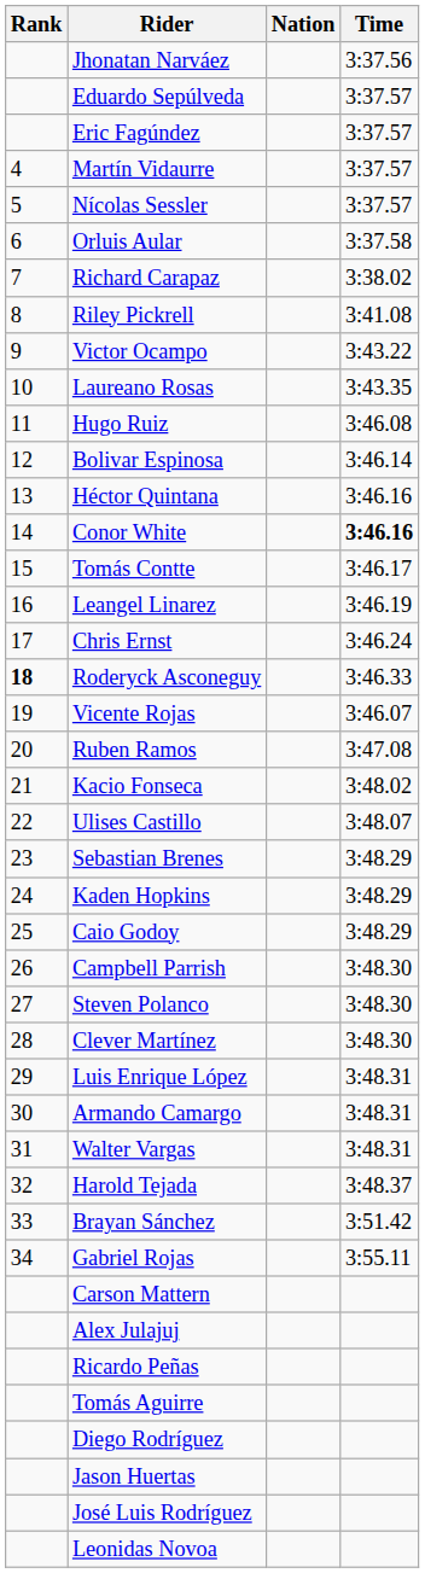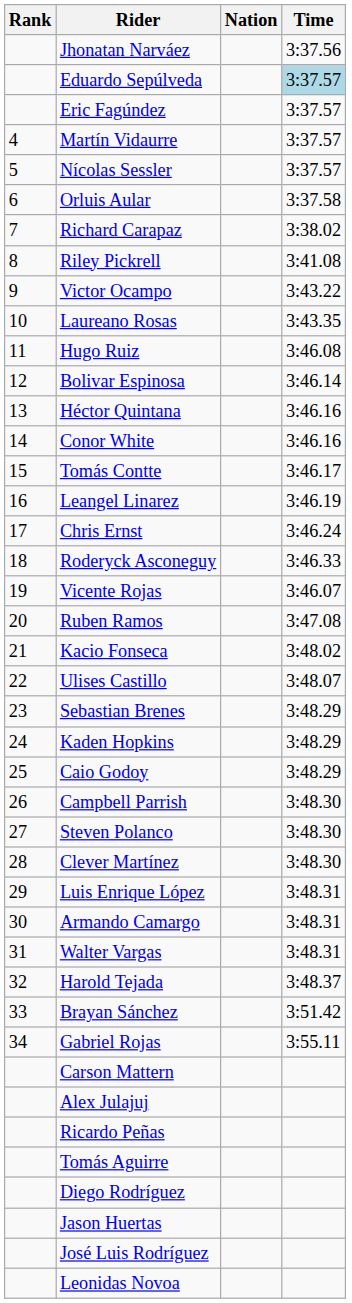 <table class="wikitable sortable" style="font-size:95%" style="width:35em;" style="text-align:center">
 <tr>
 <th>Rank</th>
 <th>Rider</th>
 <th>Nation</th>
 <th>Time</th>
 </tr>
 <tr>
 <td></td>
 <td align=left><a href='#'>Jhonatan Narváez</a></td>
 <td align="left"></td>
 <td>3:37.56</td>
 </tr>
 <tr>
 <td></td>
 <td align=left><a href='#'>Eduardo Sepúlveda</a></td>
 <td align="left"></td>
-<td>3:37.57</td>
+<td style="background: lightblue;">3:37.57</td>
 </tr>
 <tr>
 <td></td>
 <td align=left><a href='#'>Eric Fagúndez</a></td>
 <td align=left></td>
 <td>3:37.57</td>
 </tr>
 <tr>
 <td>4</td>
 <td align=left><a href='#'>Martín Vidaurre</a></td>
 <td align=left></td>
 <td>3:37.57</td>
 </tr>
 <tr>
 <td>5</td>
 <td align=left><a href='#'>Nícolas Sessler</a></td>
 <td align=left></td>
 <td>3:37.57</td>
 </tr>
 <tr>
 <td>6</td>
 <td align=left><a href='#'>Orluis Aular</a></td>
 <td align=left></td>
 <td>3:37.58</td>
 </tr>
 <tr>
 <td>7</td>
 <td align=left><a href='#'>Richard Carapaz</a></td>
 <td align=left></td>
 <td>3:38.02</td>
 </tr>
 <tr>
 <td>8</td>
 <td align=left><a href='#'>Riley Pickrell</a></td>
 <td align=left></td>
 <td>3:41.08</td>
 </tr>
 <tr>
 <td>9</td>
 <td align=left><a href='#'>Victor Ocampo</a></td>
 <td align=left></td>
 <td>3:43.22</td>
 </tr>
 <tr>
 <td>10</td>
 <td align=left><a href='#'>Laureano Rosas</a></td>
 <td align=left></td>
 <td>3:43.35</td>
 </tr>
 <tr>
 <td>11</td>
 <td align=left><a href='#'>Hugo Ruiz</a></td>
 <td align=left></td>
 <td>3:46.08</td>
 </tr>
 <tr>
 <td>12</td>
 <td align=left><a href='#'>Bolivar Espinosa</a></td>
 <td align=left></td>
 <td>3:46.14</td>
 </tr>
 <tr>
 <td>13</td>
 <td align=left><a href='#'>Héctor Quintana</a></td>
 <td align=left></td>
 <td>3:46.16</td>
 </tr>
 <tr>
 <td>14</td>
 <td align=left><a href='#'>Conor White</a></td>
 <td align=left></td>
-<td><strong>3:46.16</strong></td>
+<td>3:46.16</td>
 </tr>
 <tr>
 <td>15</td>
 <td align=left><a href='#'>Tomás Contte</a></td>
 <td align=left></td>
 <td>3:46.17</td>
 </tr>
 <tr>
 <td>16</td>
 <td align=left><a href='#'>Leangel Linarez</a></td>
 <td align=left></td>
 <td>3:46.19</td>
 </tr>
 <tr>
 <td>17</td>
 <td align=left><a href='#'>Chris Ernst</a></td>
 <td align=left></td>
 <td>3:46.24</td>
 </tr>
 <tr>
-<td><strong>18</strong></td>
+<td>18</td>
 <td align=left><a href='#'>Roderyck Asconeguy</a></td>
 <td align=left></td>
 <td>3:46.33</td>
 </tr>
 <tr>
 <td>19</td>
 <td align=left><a href='#'>Vicente Rojas</a></td>
 <td align=left></td>
 <td>3:46.07</td>
 </tr>
 <tr>
 <td>20</td>
 <td align=left><a href='#'>Ruben Ramos</a></td>
 <td align=left></td>
 <td>3:47.08</td>
 </tr>
 <tr>
 <td>21</td>
 <td align=left><a href='#'>Kacio Fonseca</a></td>
 <td align="left"></td>
 <td>3:48.02</td>
 </tr>
 <tr>
 <td>22</td>
 <td align=left><a href='#'>Ulises Castillo</a></td>
 <td align=left></td>
 <td>3:48.07</td>
 </tr>
 <tr>
 <td>23</td>
 <td align=left><a href='#'>Sebastian Brenes</a></td>
 <td align=left></td>
 <td>3:48.29</td>
 </tr>
 <tr>
 <td>24</td>
 <td align=left><a href='#'>Kaden Hopkins</a></td>
 <td align=left></td>
 <td>3:48.29</td>
 </tr>
 <tr>
 <td>25</td>
 <td align=left><a href='#'>Caio Godoy</a></td>
 <td align=left></td>
 <td>3:48.29</td>
 </tr>
 <tr>
 <td>26</td>
 <td align=left><a href='#'>Campbell Parrish</a></td>
 <td align=left></td>
 <td>3:48.30</td>
 </tr>
 <tr>
 <td>27</td>
 <td align=left><a href='#'>Steven Polanco</a></td>
 <td align=left></td>
 <td>3:48.30</td>
 </tr>
 <tr>
 <td>28</td>
 <td align=left><a href='#'>Clever Martínez</a></td>
 <td align=left></td>
 <td>3:48.30</td>
 </tr>
 <tr>
 <td>29</td>
 <td align=left><a href='#'>Luis Enrique López</a></td>
 <td align=left></td>
 <td>3:48.31</td>
 </tr>
 <tr>
 <td>30</td>
 <td align=left><a href='#'>Armando Camargo</a></td>
 <td align=left></td>
 <td>3:48.31</td>
 </tr>
 <tr>
 <td>31</td>
 <td align=left><a href='#'>Walter Vargas</a></td>
 <td align=left></td>
 <td>3:48.31</td>
 </tr>
 <tr>
 <td>32</td>
 <td align=left><a href='#'>Harold Tejada</a></td>
 <td align=left></td>
 <td>3:48.37</td>
 </tr>
 <tr>
 <td>33</td>
 <td align=left><a href='#'>Brayan Sánchez</a></td>
 <td align=left></td>
 <td>3:51.42</td>
 </tr>
 <tr>
 <td>34</td>
 <td align=left><a href='#'>Gabriel Rojas</a></td>
 <td align=left></td>
 <td>3:55.11</td>
 </tr>
 <tr>
 <td></td>
 <td align=left><a href='#'>Carson Mattern</a></td>
 <td align=left></td>
 <td></td>
 </tr>
 <tr>
 <td></td>
 <td align=left><a href='#'>Alex Julajuj</a></td>
 <td align=left></td>
 <td></td>
 </tr>
 <tr>
 <td></td>
 <td align=left><a href='#'>Ricardo Peñas</a></td>
 <td align=left></td>
 <td></td>
 </tr>
 <tr>
 <td></td>
 <td align=left><a href='#'>Tomás Aguirre</a></td>
 <td align=left></td>
 <td></td>
 </tr>
 <tr>
 <td></td>
 <td align=left><a href='#'>Diego Rodríguez</a></td>
 <td align=left></td>
 <td></td>
 </tr>
 <tr>
 <td></td>
 <td align=left><a href='#'>Jason Huertas</a></td>
 <td align=left></td>
 <td></td>
 </tr>
 <tr>
 <td></td>
 <td align=left><a href='#'>José Luis Rodríguez</a></td>
 <td align=left></td>
 <td></td>
 </tr>
 <tr>
 <td></td>
 <td align=left><a href='#'>Leonidas Novoa</a></td>
 <td align=left></td>
 <td></td>
 </tr>
 </table>
